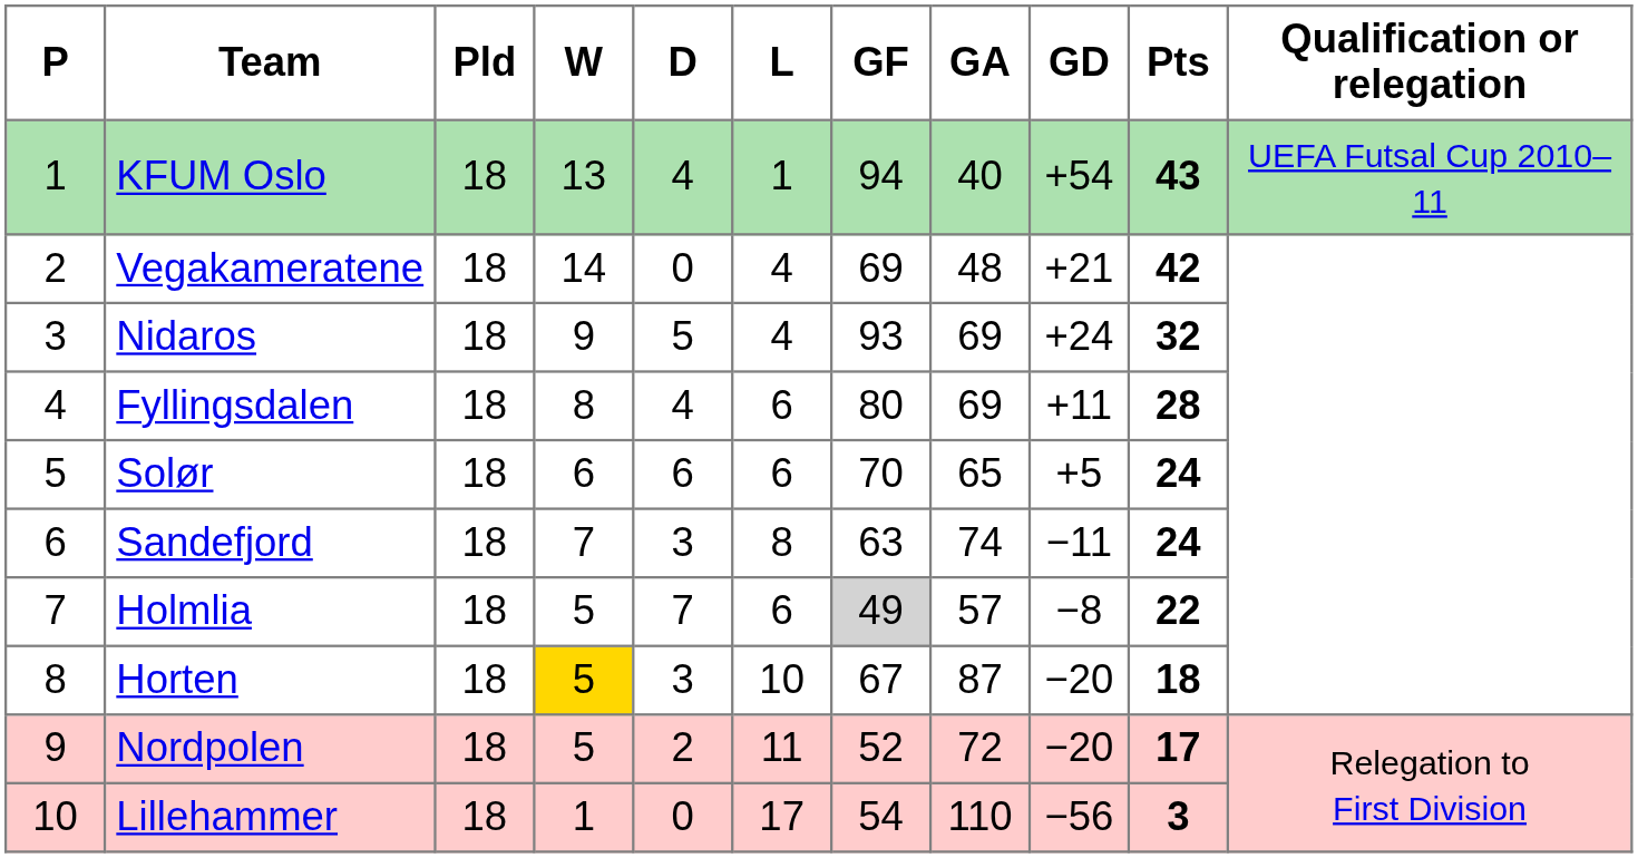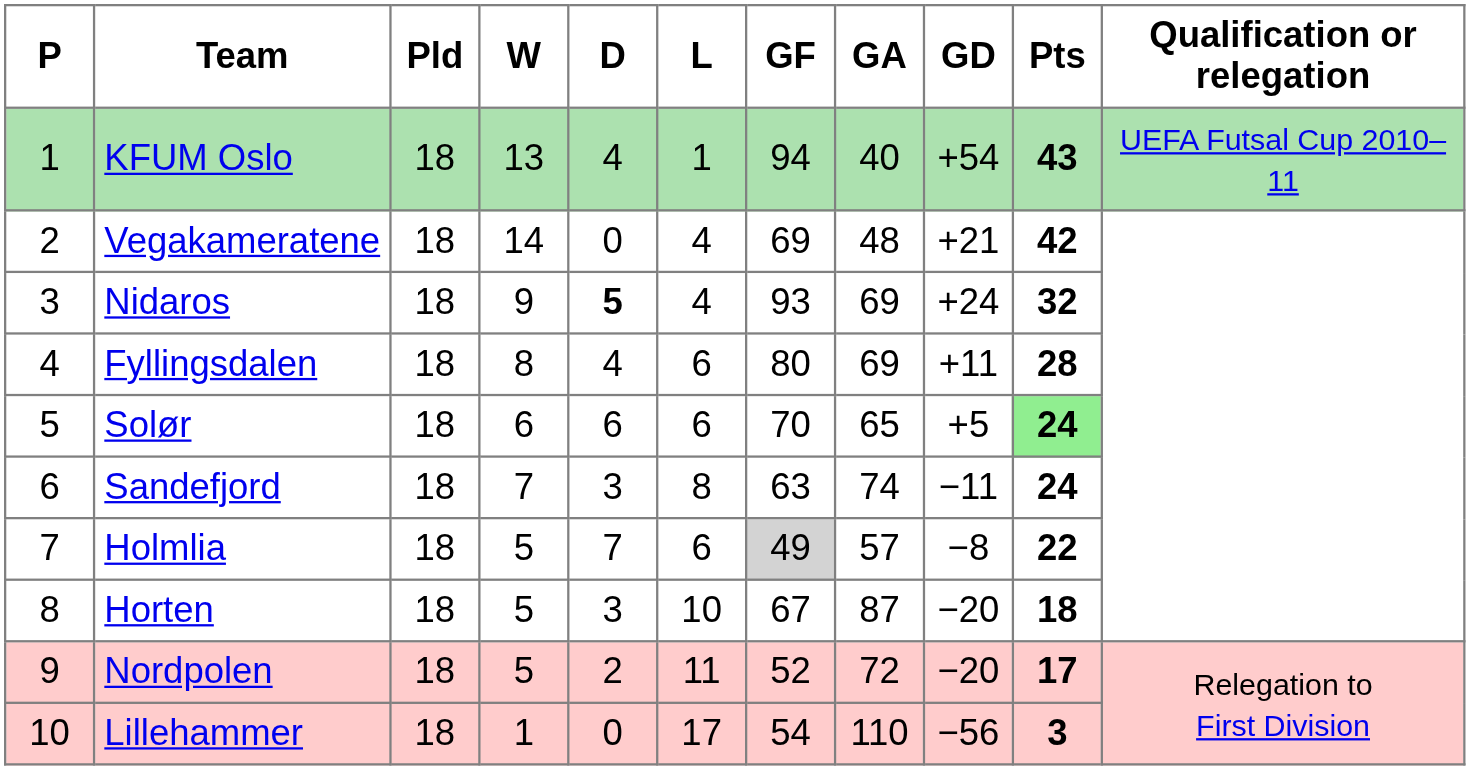 <table class="toccolours" border="1" cellpadding="4" cellspacing="0" style="text-align:center; border-collapse: collapse; margin:0">
 <tr>
 <th width=30>P</th>
 <th>Team</th>
 <th width=30>Pld</th>
 <th width=30>W</th>
 <th width=30>D</th>
 <th width=30>L</th>
 <th width=30>GF</th>
 <th width=30>GA</th>
 <th width=30>GD</th>
 <th width=30>Pts</th>
 <th width=150>Qualification or relegation</th>
 </tr>
 <tr bgcolor="#ACE1AF">
 <td>1</td>
 <td align=left><a href='#'>KFUM Oslo</a></td>
 <td>18</td>
 <td>13</td>
 <td>4</td>
 <td>1</td>
 <td>94</td>
 <td>40</td>
 <td>+54</td>
 <td><strong>43</strong></td>
 <td><small><a href='#'>UEFA Futsal Cup 2010–11</a></small></td>
 </tr>
 <tr>
 <td>2</td>
 <td align=left><a href='#'>Vegakameratene</a></td>
 <td>18</td>
 <td>14</td>
 <td>0</td>
 <td>4</td>
 <td>69</td>
 <td>48</td>
 <td>+21</td>
 <td><strong>42</strong></td>
 </tr>
 <tr>
 <td>3</td>
 <td align=left><a href='#'>Nidaros</a></td>
 <td>18</td>
 <td>9</td>
-<td>5</td>
+<td><strong>5</strong></td>
 <td>4</td>
 <td>93</td>
 <td>69</td>
 <td>+24</td>
 <td><strong>32</strong></td>
 </tr>
 <tr>
 <td>4</td>
 <td align=left><a href='#'>Fyllingsdalen</a></td>
 <td>18</td>
 <td>8</td>
 <td>4</td>
 <td>6</td>
 <td>80</td>
 <td>69</td>
 <td>+11</td>
 <td><strong>28</strong></td>
 </tr>
 <tr>
 <td>5</td>
 <td align=left><a href='#'>Solør</a></td>
 <td>18</td>
 <td>6</td>
 <td>6</td>
 <td>6</td>
 <td>70</td>
 <td>65</td>
 <td>+5</td>
-<td><strong>24</strong></td>
+<td style="background: lightgreen;"><strong>24</strong></td>
 </tr>
 <tr>
 <td>6</td>
 <td align=left><a href='#'>Sandefjord</a></td>
 <td>18</td>
 <td>7</td>
 <td>3</td>
 <td>8</td>
 <td>63</td>
 <td>74</td>
 <td>−11</td>
 <td><strong>24</strong></td>
 </tr>
 <tr>
 <td>7</td>
 <td align=left><a href='#'>Holmlia</a></td>
 <td>18</td>
 <td>5</td>
 <td>7</td>
 <td>6</td>
 <td style="background: lightgrey;">49</td>
 <td>57</td>
 <td>−8</td>
 <td><strong>22</strong></td>
 </tr>
 <tr>
 <td>8</td>
 <td align=left><a href='#'>Horten</a></td>
 <td>18</td>
-<td style="background: gold;">5</td>
+<td>5</td>
 <td>3</td>
 <td>10</td>
 <td>67</td>
 <td>87</td>
 <td>−20</td>
 <td><strong>18</strong></td>
 </tr>
 <tr bgcolor="#FFCCCC">
 <td>9</td>
 <td align=left><a href='#'>Nordpolen</a></td>
 <td>18</td>
 <td>5</td>
 <td>2</td>
 <td>11</td>
 <td>52</td>
 <td>72</td>
 <td>−20</td>
 <td><strong>17</strong></td>
 <td rowspan="2"><small>Relegation to<br><a href='#'>First Division</a></small></td>
 </tr>
 <tr bgcolor="#FFCCCC">
 <td>10</td>
 <td align=left><a href='#'>Lillehammer</a></td>
 <td>18</td>
 <td>1</td>
 <td>0</td>
 <td>17</td>
 <td>54</td>
 <td>110</td>
 <td>−56</td>
 <td><strong>3</strong></td>
 </tr>
 </table>
